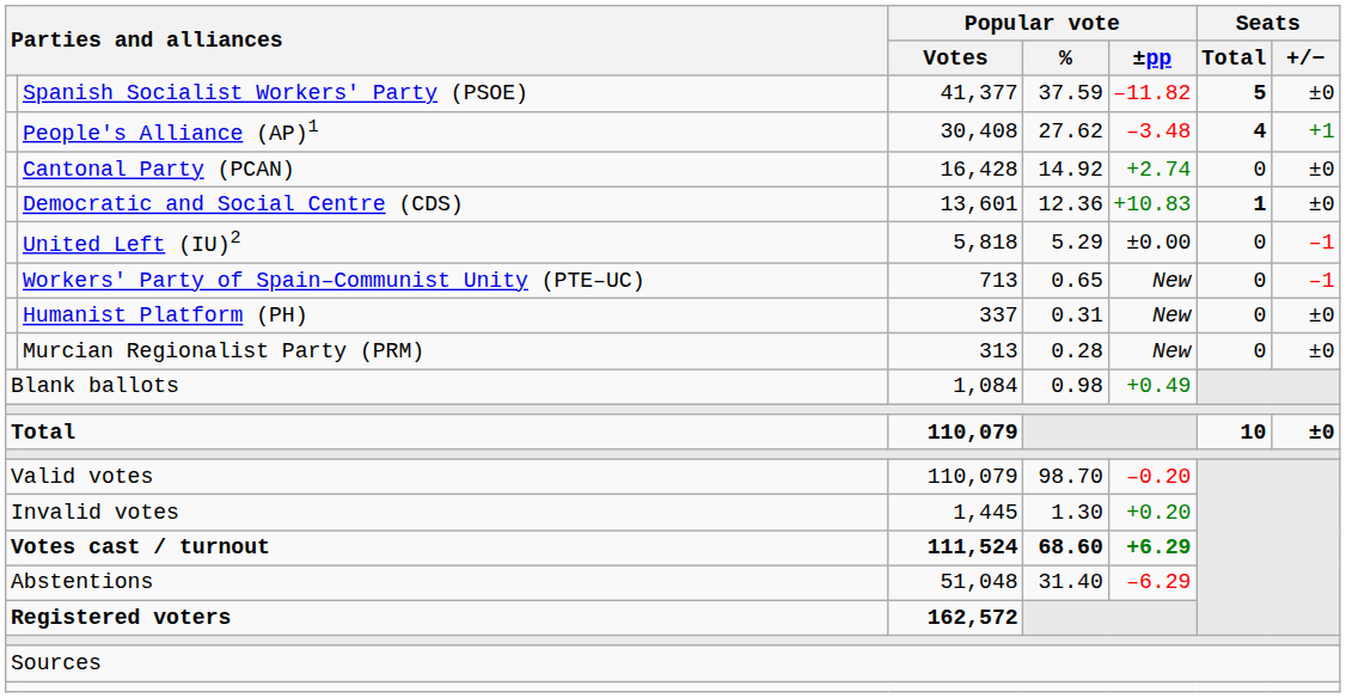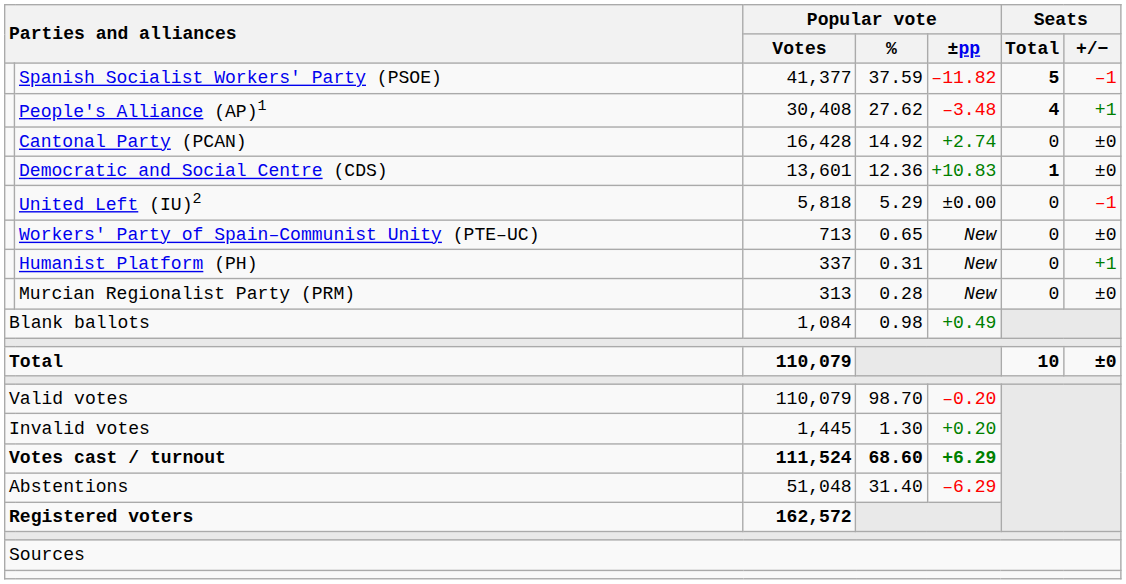 <table class="wikitable" style="text-align:right;">
 <tr>
 <th style="text-align:left;" rowspan="2" colspan="2" width="525">Parties and alliances</th>
 <th colspan="3">Popular vote</th>
 <th colspan="2">Seats</th>
 </tr>
 <tr>
 <th width="75">Votes</th>
 <th width="45">%</th>
 <th width="45">±<a href='#'>pp</a></th>
 <th width="35">Total</th>
 <th width="35">+/−</th>
 </tr>
 <tr>
 <td width="1" style="color:inherit;background:"></td>
 <td align="left"><a href='#'>Spanish Socialist Workers' Party</a> (PSOE)</td>
 <td>41,377</td>
 <td>37.59</td>
 <td style="color:red;">–11.82</td>
 <td><strong>5</strong></td>
-<td>±0</td>
+<td style="color:red;">–1</td>
 </tr>
 <tr>
 <td style="color:inherit;background:"></td>
 <td align="left"><a href='#'>People's Alliance</a> (AP)<sup>1</sup></td>
 <td>30,408</td>
 <td>27.62</td>
 <td style="color:red;">–3.48</td>
 <td><strong>4</strong></td>
 <td style="color:green;">+1</td>
 </tr>
 <tr>
 <td style="color:inherit;background:"></td>
 <td align="left"><a href='#'>Cantonal Party</a> (PCAN)</td>
 <td>16,428</td>
 <td>14.92</td>
 <td style="color:green;">+2.74</td>
 <td>0</td>
 <td>±0</td>
 </tr>
 <tr>
 <td style="color:inherit;background:"></td>
 <td align="left"><a href='#'>Democratic and Social Centre</a> (CDS)</td>
 <td>13,601</td>
 <td>12.36</td>
 <td style="color:green;">+10.83</td>
 <td><strong>1</strong></td>
 <td>±0</td>
 </tr>
 <tr>
 <td style="color:inherit;background:"></td>
 <td align="left"><a href='#'>United Left</a> (IU)<sup>2</sup></td>
 <td>5,818</td>
 <td>5.29</td>
 <td>±0.00</td>
 <td>0</td>
 <td style="color:red;">–1</td>
 </tr>
 <tr>
 <td style="color:inherit;background:"></td>
 <td align="left"><a href='#'>Workers' Party of Spain–Communist Unity</a> (PTE–UC)</td>
 <td>713</td>
 <td>0.65</td>
 <td><em>New</em></td>
 <td>0</td>
-<td style="color:red;">–1</td>
+<td>±0</td>
 </tr>
 <tr>
 <td style="color:inherit;background:"></td>
 <td align="left"><a href='#'>Humanist Platform</a> (PH)</td>
 <td>337</td>
 <td>0.31</td>
 <td><em>New</em></td>
 <td>0</td>
-<td>±0</td>
+<td style="color:green;">+1</td>
 </tr>
 <tr>
 <td style="color:inherit;background:"></td>
 <td align="left">Murcian Regionalist Party (PRM)</td>
 <td>313</td>
 <td>0.28</td>
 <td><em>New</em></td>
 <td>0</td>
 <td>±0</td>
 </tr>
 <tr>
 <td align="left" colspan="2">Blank ballots</td>
 <td>1,084</td>
 <td>0.98</td>
 <td style="color:green;">+0.49</td>
 <td bgcolor="#E9E9E9" colspan="2"></td>
 </tr>
 <tr>
 <td colspan="7" bgcolor="#E9E9E9"></td>
 </tr>
 <tr style="font-weight:bold;">
 <td align="left" colspan="2">Total</td>
 <td>110,079</td>
 <td bgcolor="#E9E9E9" colspan="2"></td>
 <td>10</td>
 <td>±0</td>
 </tr>
 <tr>
 <td colspan="7" bgcolor="#E9E9E9"></td>
 </tr>
 <tr>
 <td align="left" colspan="2">Valid votes</td>
 <td>110,079</td>
 <td>98.70</td>
 <td style="color:red;">–0.20</td>
 <td bgcolor="#E9E9E9" colspan="2" rowspan="5"></td>
 </tr>
 <tr>
 <td align="left" colspan="2">Invalid votes</td>
 <td>1,445</td>
 <td>1.30</td>
 <td style="color:green;">+0.20</td>
 </tr>
 <tr style="font-weight:bold;">
 <td align="left" colspan="2">Votes cast / turnout</td>
 <td>111,524</td>
 <td>68.60</td>
 <td style="color:green;">+6.29</td>
 </tr>
 <tr>
 <td align="left" colspan="2">Abstentions</td>
 <td>51,048</td>
 <td>31.40</td>
 <td style="color:red;">–6.29</td>
 </tr>
 <tr style="font-weight:bold;">
 <td align="left" colspan="2">Registered voters</td>
 <td>162,572</td>
 <td bgcolor="#E9E9E9" colspan="2"></td>
 </tr>
 <tr>
 <td colspan="7" bgcolor="#E9E9E9"></td>
 </tr>
 <tr>
 <td align="left" colspan="7">Sources</td>
 </tr>
 <tr>
 <td colspan="7" style="text-align:left; max-width:790px;"></td>
 </tr>
 </table>
